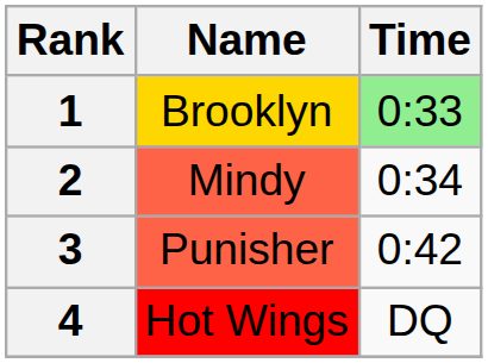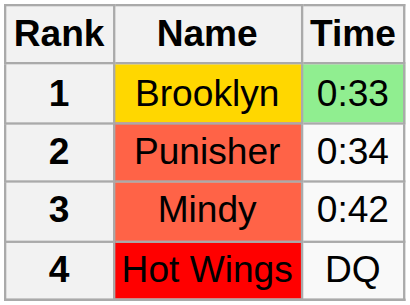 <table class="wikitable" style="text-align:center">
 <tr>
 <th>Rank</th>
 <th>Name</th>
 <th>Time</th>
 </tr>
 <tr>
 <th>1</th>
 <td bgcolor="gold">Brooklyn</td>
 <td style="background: lightgreen;">0:33</td>
 </tr>
 <tr>
 <th>2</th>
-<td bgcolor="tomato">Mindy</td>
+<td bgcolor="tomato">Punisher</td>
 <td>0:34</td>
 </tr>
 <tr>
 <th>3</th>
-<td bgcolor="tomato">Punisher</td>
+<td bgcolor="tomato">Mindy</td>
 <td>0:42</td>
 </tr>
 <tr>
 <th>4</th>
 <td bgcolor="red">Hot Wings</td>
 <td>DQ</td>
 </tr>
 <tr>
 </tr>
 </table>
